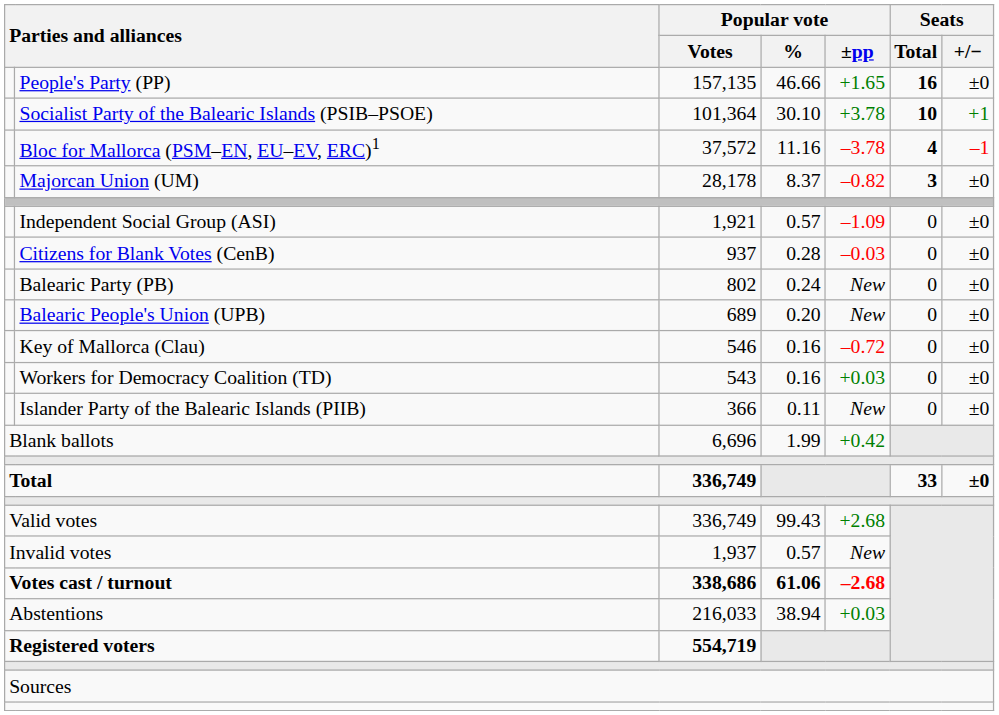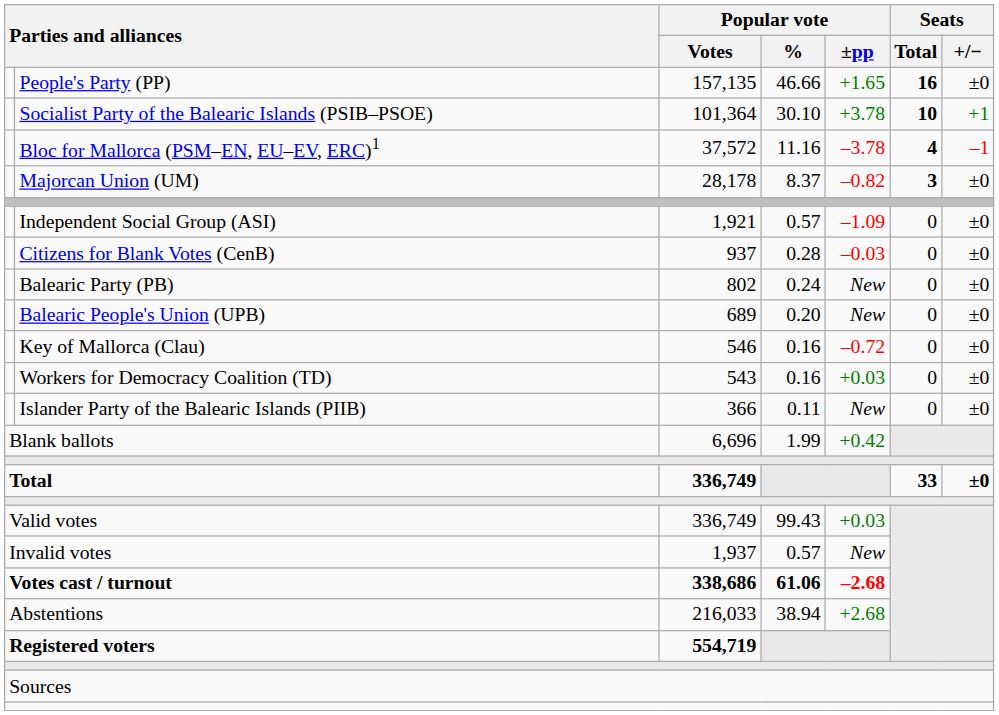 <table class="wikitable" style="text-align:right;">
 <tr>
 <th style="text-align:left;" rowspan="2" colspan="2" width="525">Parties and alliances</th>
 <th colspan="3">Popular vote</th>
 <th colspan="2">Seats</th>
 </tr>
 <tr>
 <th width="75">Votes</th>
 <th width="45">%</th>
 <th width="45">±<a href='#'>pp</a></th>
 <th width="35">Total</th>
 <th width="35">+/−</th>
 </tr>
 <tr>
 <td width="1" style="color:inherit;background:"></td>
 <td align="left"><a href='#'>People's Party</a> (PP)</td>
 <td>157,135</td>
 <td>46.66</td>
 <td style="color:green;">+1.65</td>
 <td><strong>16</strong></td>
 <td>±0</td>
 </tr>
 <tr>
 <td style="color:inherit;background:"></td>
 <td align="left"><a href='#'>Socialist Party of the Balearic Islands</a> (PSIB–PSOE)</td>
 <td>101,364</td>
 <td>30.10</td>
 <td style="color:green;">+3.78</td>
 <td><strong>10</strong></td>
 <td style="color:green;">+1</td>
 </tr>
 <tr>
 <td style="color:inherit;background:"></td>
 <td align="left"><a href='#'>Bloc for Mallorca</a> (<a href='#'>PSM</a>–<a href='#'>EN</a>, <a href='#'>EU</a>–<a href='#'>EV</a>, <a href='#'>ERC</a>)<sup>1</sup></td>
 <td>37,572</td>
 <td>11.16</td>
 <td style="color:red;">–3.78</td>
 <td><strong>4</strong></td>
 <td style="color:red;">–1</td>
 </tr>
 <tr>
 <td style="color:inherit;background:"></td>
 <td align="left"><a href='#'>Majorcan Union</a> (UM)</td>
 <td>28,178</td>
 <td>8.37</td>
 <td style="color:red;">–0.82</td>
 <td><strong>3</strong></td>
 <td>±0</td>
 </tr>
 <tr>
 <td colspan="7" bgcolor="#C0C0C0"></td>
 </tr>
 <tr>
 <td style="color:inherit;background:"></td>
 <td align="left">Independent Social Group (ASI)</td>
 <td>1,921</td>
 <td>0.57</td>
 <td style="color:red;">–1.09</td>
 <td>0</td>
 <td>±0</td>
 </tr>
 <tr>
 <td style="color:inherit;background:"></td>
 <td align="left"><a href='#'>Citizens for Blank Votes</a> (CenB)</td>
 <td>937</td>
 <td>0.28</td>
 <td style="color:red;">–0.03</td>
 <td>0</td>
 <td>±0</td>
 </tr>
 <tr>
 <td style="color:inherit;background:"></td>
 <td align="left">Balearic Party (PB)</td>
 <td>802</td>
 <td>0.24</td>
 <td><em>New</em></td>
 <td>0</td>
 <td>±0</td>
 </tr>
 <tr>
 <td style="color:inherit;background:"></td>
 <td align="left"><a href='#'>Balearic People's Union</a> (UPB)</td>
 <td>689</td>
 <td>0.20</td>
 <td><em>New</em></td>
 <td>0</td>
 <td>±0</td>
 </tr>
 <tr>
 <td style="color:inherit;background:"></td>
 <td align="left">Key of Mallorca (Clau)</td>
 <td>546</td>
 <td>0.16</td>
 <td style="color:red;">–0.72</td>
 <td>0</td>
 <td>±0</td>
 </tr>
 <tr>
 <td style="color:inherit;background:"></td>
 <td align="left">Workers for Democracy Coalition (TD)</td>
 <td>543</td>
 <td>0.16</td>
 <td style="color:green;">+0.03</td>
 <td>0</td>
 <td>±0</td>
 </tr>
 <tr>
 <td style="color:inherit;background:"></td>
 <td align="left">Islander Party of the Balearic Islands (PIIB)</td>
 <td>366</td>
 <td>0.11</td>
 <td><em>New</em></td>
 <td>0</td>
 <td>±0</td>
 </tr>
 <tr>
 <td align="left" colspan="2">Blank ballots</td>
 <td>6,696</td>
 <td>1.99</td>
 <td style="color:green;">+0.42</td>
 <td bgcolor="#E9E9E9" colspan="2"></td>
 </tr>
 <tr>
 <td colspan="7" bgcolor="#E9E9E9"></td>
 </tr>
 <tr style="font-weight:bold;">
 <td align="left" colspan="2">Total</td>
 <td>336,749</td>
 <td bgcolor="#E9E9E9" colspan="2"></td>
 <td>33</td>
 <td>±0</td>
 </tr>
 <tr>
 <td colspan="7" bgcolor="#E9E9E9"></td>
 </tr>
 <tr>
 <td align="left" colspan="2">Valid votes</td>
 <td>336,749</td>
 <td>99.43</td>
-<td style="color:green;">+2.68</td>
+<td style="color:green;">+0.03</td>
 <td bgcolor="#E9E9E9" colspan="2" rowspan="5"></td>
 </tr>
 <tr>
 <td align="left" colspan="2">Invalid votes</td>
 <td>1,937</td>
 <td>0.57</td>
 <td><em>New</em></td>
 </tr>
 <tr style="font-weight:bold;">
 <td align="left" colspan="2">Votes cast / turnout</td>
 <td>338,686</td>
 <td>61.06</td>
 <td style="color:red;">–2.68</td>
 </tr>
 <tr>
 <td align="left" colspan="2">Abstentions</td>
 <td>216,033</td>
 <td>38.94</td>
-<td style="color:green;">+0.03</td>
+<td style="color:green;">+2.68</td>
 </tr>
 <tr style="font-weight:bold;">
 <td align="left" colspan="2">Registered voters</td>
 <td>554,719</td>
 <td bgcolor="#E9E9E9" colspan="2"></td>
 </tr>
 <tr>
 <td colspan="7" bgcolor="#E9E9E9"></td>
 </tr>
 <tr>
 <td align="left" colspan="7">Sources</td>
 </tr>
 <tr>
 <td colspan="7" style="text-align:left; max-width:790px;"></td>
 </tr>
 </table>
